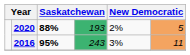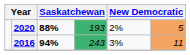 <table class="wikitable" style="float:right; width:400; font-size:90%; margin-left:1em;">
 <tr>
 <th colspan="2" scope="col">Year</th>
 <th colspan="2" scope="col"><a href='#'>Saskatchewan</a></th>
 <th colspan="2" scope="col"><a href='#'>New Democratic</a></th>
 </tr>
 <tr>
 <td rowspan="2" style="width: 0.25em; background-color: "></td>
 <th><a href='#'>2020</a></th>
 <td><strong>88%</strong></td>
 <td style="text-align:right; background:#3CB371;"><em>193</em></td>
 <td>2%</td>
 <td style="text-align:right; background:#F4A460;"><em>5</em></td>
 </tr>
 <tr>
 <th><a href='#'>2016</a></th>
-<td><strong>95%</strong></td>
+<td><strong>94%</strong></td>
 <td style="text-align:right; background:#3CB371;"><em>243</em></td>
 <td>3%</td>
 <td style="text-align:right; background:#F4A460;"><em>11</em></td>
 </tr>
 <tr>
 </tr>
 </table>
